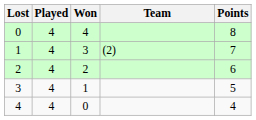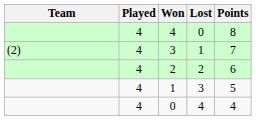 <table class="wikitable" style="text-align:center;">
 <tr>
-<th width=30>Lost</th>
+<th width=150>Team</th>
 <th width=20>Played</th>
 <th width=20>Won</th>
-<th width=150>Team</th>
+<th width=30>Lost</th>
 <th width=20>Points</th>
 </tr>
 <tr bgcolor="#ccffcc">
+<td align=left></td>
+<td>4</td>
+<td>4</td>
+<td>0</td>
+<td>8</td>
+</tr>
+<tr bgcolor="#ccffcc">
+<td align=left> (2)</td>
+<td>4</td>
+<td>3</td>
+<td>1</td>
+<td>7</td>
+</tr>
+<tr bgcolor="#ccffcc">
+<td align=left></td>
+<td>4</td>
+<td>2</td>
+<td>2</td>
+<td>6</td>
+</tr>
+<tr>
+<td align=left></td>
+<td>4</td>
+<td>1</td>
+<td>3</td>
+<td>5</td>
+</tr>
+<tr>
+<td align=left></td>
+<td>4</td>
 <td>0</td>
 <td>4</td>
 <td>4</td>
-<td align=left></td>
-<td>8</td>
-</tr>
-<tr bgcolor="#ccffcc">
-<td>1</td>
-<td>4</td>
-<td>3</td>
-<td align=left> (2)</td>
-<td>7</td>
-</tr>
-<tr bgcolor="#ccffcc">
-<td>2</td>
-<td>4</td>
-<td>2</td>
-<td align=left></td>
-<td>6</td>
-</tr>
-<tr>
-<td>3</td>
-<td>4</td>
-<td>1</td>
-<td align=left></td>
-<td>5</td>
-</tr>
-<tr>
-<td>4</td>
-<td>4</td>
-<td>0</td>
-<td align=left></td>
-<td>4</td>
 </tr>
 </table>
